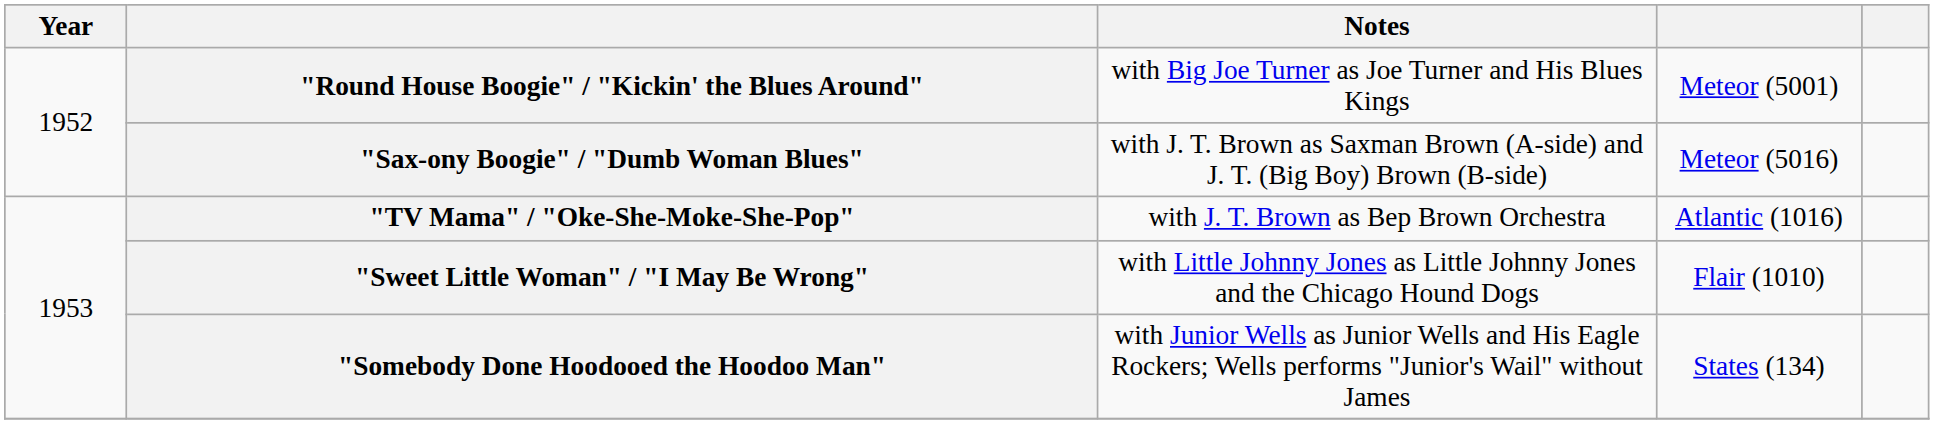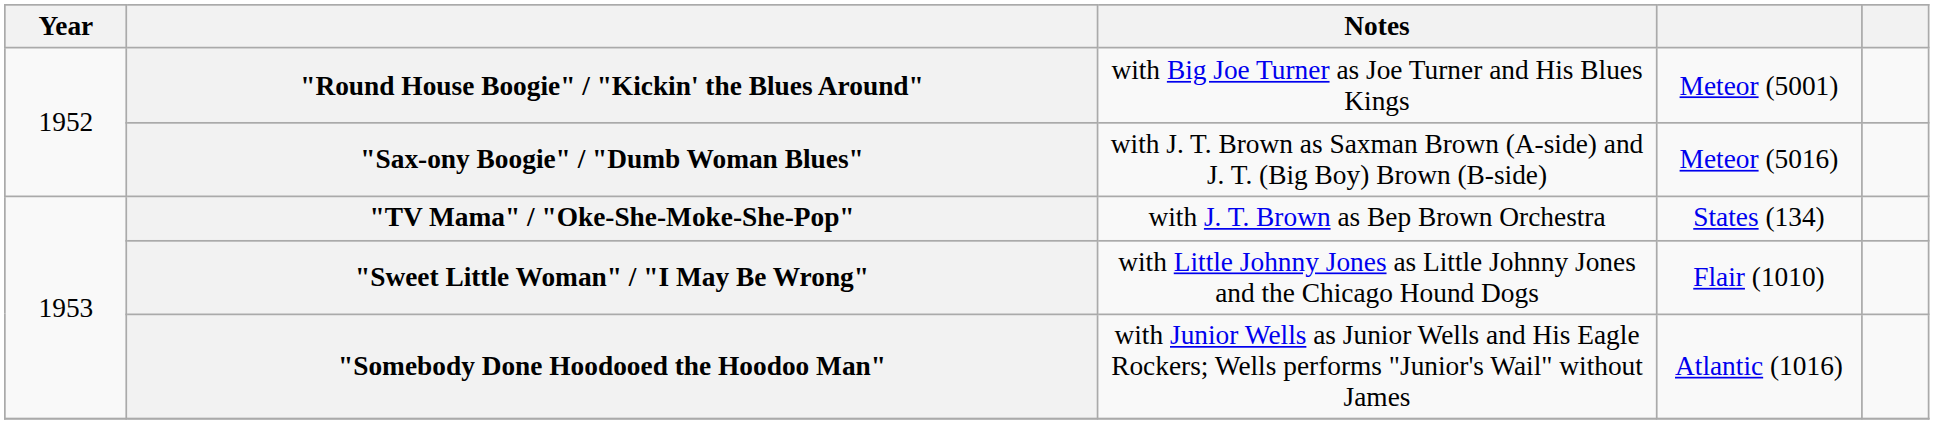 <table class="wikitable plainrowheaders" style="text-align:center;">
 <tr>
 <th scope="col" style="width: 4em;">Year</th>
 <th scope="col" style="width: 35em;"></th>
 <th scope="col" style="width: 20em;">Notes</th>
 <th scope="col" style="width: 7em;"></th>
 <th scope="col" style="width: 2em;"></th>
 </tr>
 <tr>
 <td rowspan="2">1952</td>
 <th scope="row">"Round House Boogie" / "Kickin' the Blues Around"</th>
 <td> with <a href='#'>Big Joe Turner</a> as Joe Turner and His Blues Kings</td>
 <td><a href='#'>Meteor</a> (5001)</td>
 <td></td>
 </tr>
 <tr>
 <th scope="row">"Sax-ony Boogie" /  "Dumb Woman Blues"</th>
 <td> with J. T. Brown as Saxman Brown (A-side) and J. T. (Big Boy) Brown (B-side)</td>
 <td><a href='#'>Meteor</a> (5016)</td>
 <td></td>
 </tr>
 <tr>
 <td rowspan="3">1953</td>
 <th scope="row">"TV Mama" / "Oke-She-Moke-She-Pop"</th>
 <td> with <a href='#'>J. T. Brown</a> as Bep Brown Orchestra</td>
-<td><a href='#'>Atlantic</a> (1016)</td>
+<td><a href='#'>States</a> (134)</td>
 <td></td>
 </tr>
 <tr>
 <th scope="row">"Sweet Little Woman" / "I May Be Wrong"</th>
 <td> with <a href='#'>Little Johnny Jones</a> as Little Johnny Jones and the Chicago Hound Dogs</td>
 <td><a href='#'>Flair</a> (1010)</td>
 <td></td>
 </tr>
 <tr>
 <th scope="row">"Somebody Done Hoodooed the Hoodoo Man"</th>
 <td> with <a href='#'>Junior Wells</a> as Junior Wells and His Eagle Rockers; Wells performs "Junior's Wail" without James</td>
-<td><a href='#'>States</a> (134)</td>
+<td><a href='#'>Atlantic</a> (1016)</td>
 <td></td>
 </tr>
 <tr>
 </tr>
 </table>
